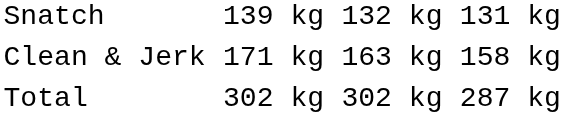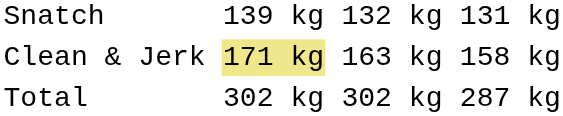 <table>
 <tr>
 <td>Snatch</td>
 <td></td>
 <td>139 kg</td>
 <td></td>
 <td>132 kg</td>
 <td></td>
 <td>131 kg</td>
 </tr>
 <tr>
 <td>Clean & Jerk</td>
 <td></td>
-<td>171 kg</td>
+<td style="background: khaki;">171 kg</td>
 <td></td>
 <td>163 kg</td>
 <td></td>
 <td>158 kg</td>
 </tr>
 <tr>
 <td>Total</td>
 <td></td>
 <td>302 kg</td>
 <td></td>
 <td>302 kg</td>
 <td></td>
 <td>287 kg</td>
 </tr>
 </table>
